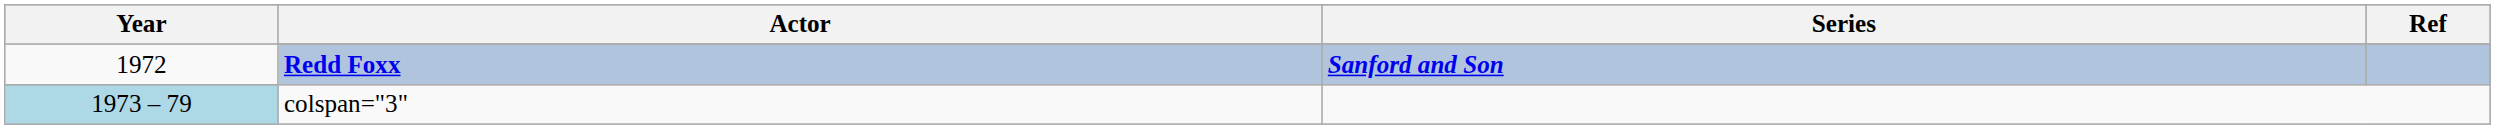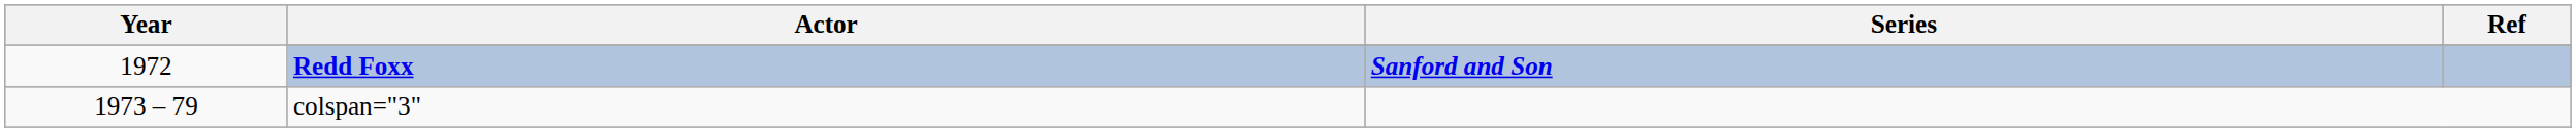 <table class="wikitable" style="width:100%;">
 <tr style="background:#bebebe;">
 <th style="width:11%;">Year</th>
 <th style="width:42%;">Actor</th>
 <th style="width:42%;">Series</th>
 <th style="width:5%;">Ref</th>
 </tr>
 <tr>
 <td rowspan="2" align="center">1972</td>
 </tr>
 <tr style="background:#B0C4DE">
 <td><strong><a href='#'>Redd Foxx</a></strong></td>
 <td><strong><em><a href='#'>Sanford and Son</a></em></strong></td>
 <td align="center"></td>
 </tr>
 <tr>
-<td align="center" style="background: lightblue;">1973 – 79</td>
+<td align="center">1973 – 79</td>
 <td>colspan="3" </td>
 </tr>
 </table>
